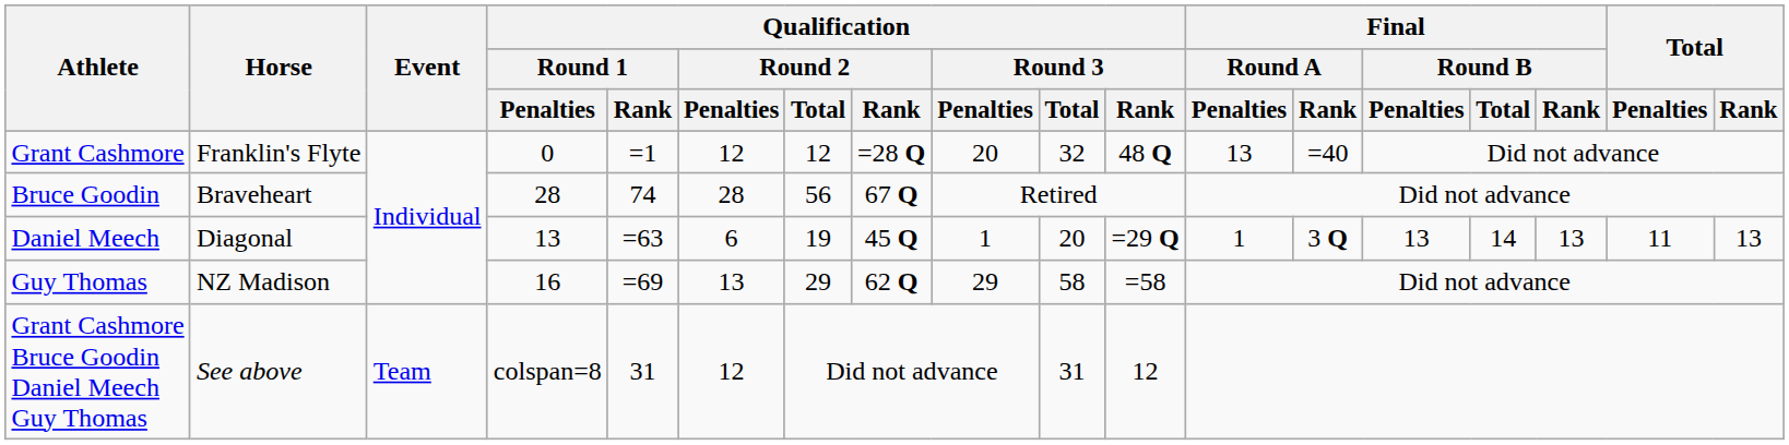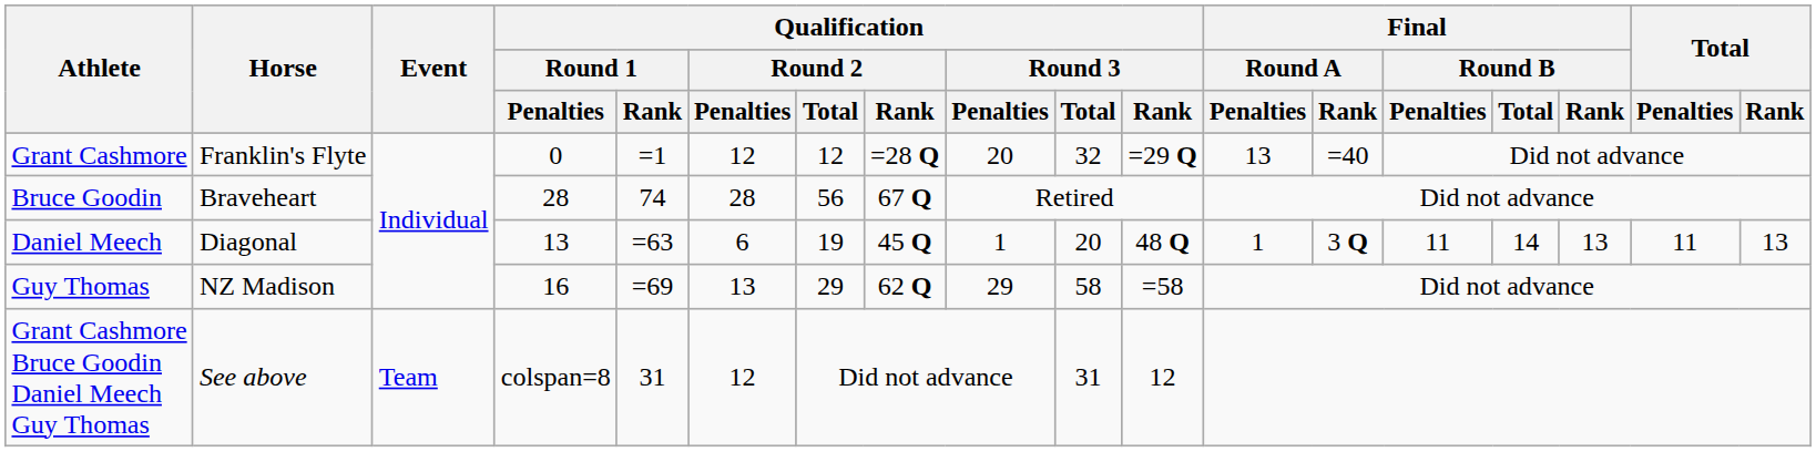 <table class="wikitable" style="font-size:90%">
 <tr>
 <th rowspan="3">Athlete</th>
 <th rowspan="3">Horse</th>
 <th rowspan="3">Event</th>
 <th colspan="8">Qualification</th>
 <th colspan="5">Final</th>
 <th rowspan=2 colspan="2">Total</th>
 </tr>
 <tr style="font-size:95%">
 <th colspan="2">Round 1</th>
 <th colspan="3">Round 2</th>
 <th colspan="3">Round 3</th>
 <th colspan="2">Round A</th>
 <th colspan="3">Round B</th>
 </tr>
 <tr style="font-size:95%">
 <th>Penalties</th>
 <th>Rank</th>
 <th>Penalties</th>
 <th>Total</th>
 <th>Rank</th>
 <th>Penalties</th>
 <th>Total</th>
 <th>Rank</th>
 <th>Penalties</th>
 <th>Rank</th>
 <th>Penalties</th>
 <th>Total</th>
 <th>Rank</th>
 <th>Penalties</th>
 <th>Rank</th>
 </tr>
 <tr align=center>
 <td align=left><a href='#'>Grant Cashmore</a></td>
 <td align=left>Franklin's Flyte</td>
 <td align=left rowspan=4><a href='#'>Individual</a></td>
 <td>0</td>
 <td>=1</td>
 <td>12</td>
 <td>12</td>
 <td>=28 <strong>Q</strong></td>
 <td>20</td>
 <td>32</td>
-<td>48 <strong>Q</strong></td>
+<td>=29 <strong>Q</strong></td>
 <td>13</td>
 <td>=40</td>
 <td colspan=5>Did not advance</td>
 </tr>
 <tr align=center>
 <td align=left><a href='#'>Bruce Goodin</a></td>
 <td align=left>Braveheart</td>
 <td>28</td>
 <td>74</td>
 <td>28</td>
 <td>56</td>
 <td>67 <strong>Q</strong></td>
 <td colspan=3>Retired</td>
 <td colspan=7>Did not advance</td>
 </tr>
 <tr align=center>
 <td align=left><a href='#'>Daniel Meech</a></td>
 <td align=left>Diagonal</td>
 <td>13</td>
 <td>=63</td>
 <td>6</td>
 <td>19</td>
 <td>45 <strong>Q</strong></td>
 <td>1</td>
 <td>20</td>
-<td>=29 <strong>Q</strong></td>
+<td>48 <strong>Q</strong></td>
 <td>1</td>
 <td>3 <strong>Q</strong></td>
-<td>13</td>
+<td>11</td>
 <td>14</td>
 <td>13</td>
 <td>11</td>
 <td>13</td>
 </tr>
 <tr align=center>
 <td align=left><a href='#'>Guy Thomas</a></td>
 <td align=left>NZ Madison</td>
 <td>16</td>
 <td>=69</td>
 <td>13</td>
 <td>29</td>
 <td>62 <strong>Q</strong></td>
 <td>29</td>
 <td>58</td>
 <td>=58</td>
 <td colspan=7>Did not advance</td>
 </tr>
 <tr align=center>
 <td align=left><a href='#'>Grant Cashmore</a><br><a href='#'>Bruce Goodin</a><br><a href='#'>Daniel Meech</a><br><a href='#'>Guy Thomas</a></td>
 <td align=left><em>See above</em></td>
 <td align=left><a href='#'>Team</a></td>
 <td>colspan=8 </td>
 <td>31</td>
 <td>12</td>
 <td colspan=3>Did not advance</td>
 <td>31</td>
 <td>12</td>
 </tr>
 </table>
